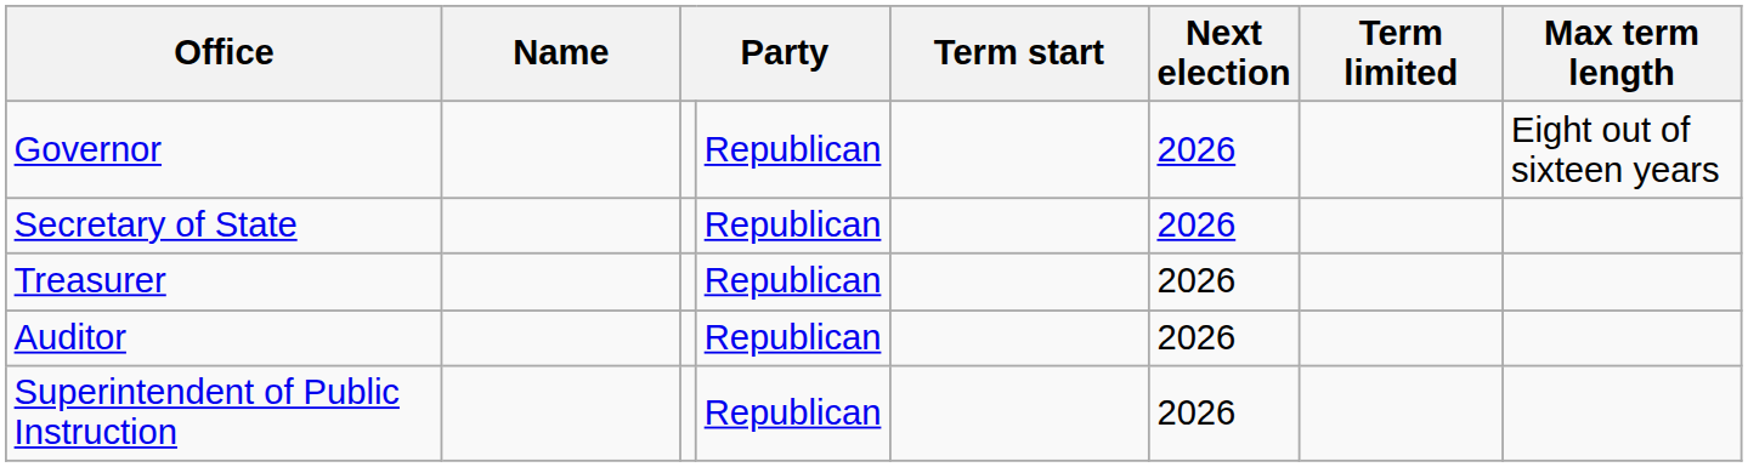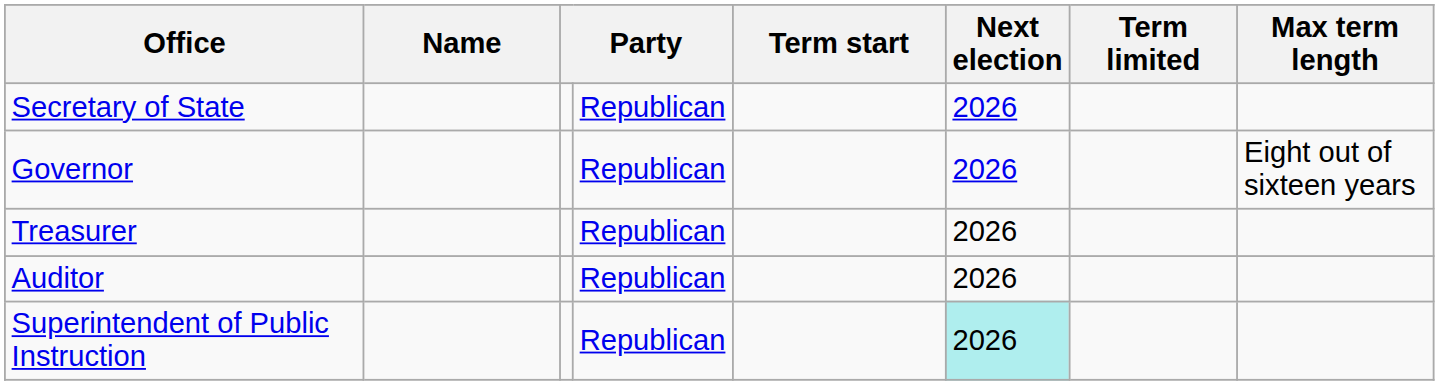 <table class="sortable wikitable">
 <tr>
 <th scope="col" width=190>Office</th>
 <th scope="col" width=100>Name</th>
 <th scope="col" width=75 colspan=2>Party</th>
 <th scope="col" width=110>Term start</th>
 <th scope="col" width=50>Next election</th>
 <th scope="col" width=85>Term limited</th>
 <th scope="col" width=100>Max term length</th>
 </tr>
 <tr>
+<td><a href='#'>Secretary of State</a></td>
+<td></td>
+<td style="background-color:"></td>
+<td><a href='#'>Republican</a></td>
+<td></td>
+<td><a href='#'>2026</a></td>
+<td></td>
+<td></td>
+</tr>
+<tr>
 <td><a href='#'>Governor</a></td>
 <td></td>
 <td style="background-color:"></td>
 <td><a href='#'>Republican</a></td>
 <td></td>
 <td><a href='#'>2026</a></td>
 <td></td>
 <td>Eight out of sixteen years</td>
-</tr>
-<tr>
-<td><a href='#'>Secretary of State</a></td>
-<td></td>
-<td style="background-color:"></td>
-<td><a href='#'>Republican</a></td>
-<td></td>
-<td><a href='#'>2026</a></td>
-<td></td>
-<td></td>
 </tr>
 <tr>
 <td><a href='#'>Treasurer</a></td>
 <td></td>
 <td style="background-color:"></td>
 <td><a href='#'>Republican</a></td>
 <td></td>
 <td>2026</td>
 <td></td>
 <td></td>
 </tr>
 <tr>
 <td><a href='#'>Auditor</a></td>
 <td></td>
 <td style="background-color:"></td>
 <td><a href='#'>Republican</a></td>
 <td></td>
 <td>2026</td>
 <td></td>
 <td></td>
 </tr>
 <tr>
 <td><a href='#'>Superintendent of Public Instruction</a></td>
 <td></td>
 <td style="background-color:"></td>
 <td><a href='#'>Republican</a></td>
 <td></td>
-<td>2026</td>
+<td style="background: paleturquoise;">2026</td>
 <td></td>
 <td></td>
 </tr>
 </table>
